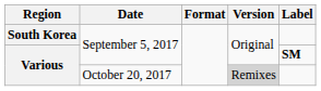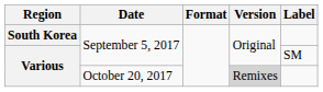 <table class="wikitable plainrowheaders">
 <tr>
 <th scope="col">Region</th>
 <th scope="col">Date</th>
 <th scope="col">Format</th>
 <th scope="col">Version</th>
 <th scope="col">Label</th>
 </tr>
 <tr>
 <th scope="row">South Korea</th>
 <td rowspan="2">September 5, 2017</td>
 <td rowspan="3"></td>
 <td rowspan="2">Original</td>
 <td></td>
 </tr>
 <tr>
 <th rowspan="2" scope="row">Various</th>
-<td><strong>SM</strong></td>
+<td>SM</td>
 </tr>
 <tr>
 <td>October 20, 2017</td>
 <td style="background: lightgrey;">Remixes</td>
 <td></td>
 </tr>
 </table>
